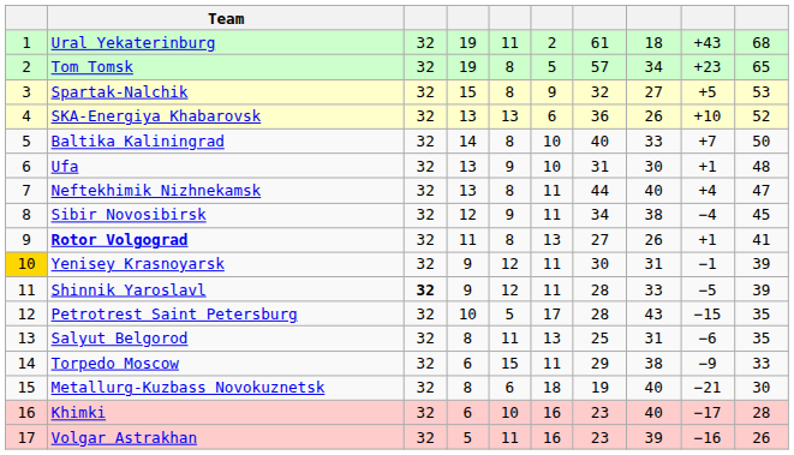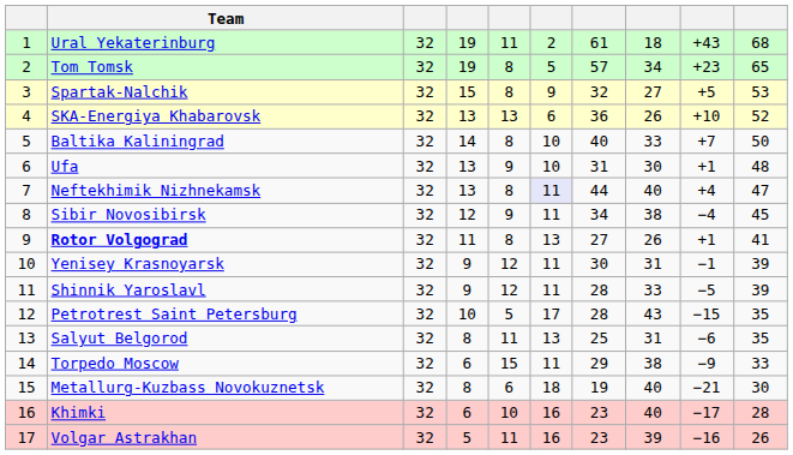 <table class="wikitable" style="text-align:center">
 <tr>
 <th width=30></th>
 <th width=300>Team</th>
 <th width=30></th>
 <th width=30></th>
 <th width=30></th>
 <th width=30></th>
 <th width=40></th>
 <th width=40></th>
 <th width=40></th>
 <th width=40></th>
 </tr>
 <tr bgcolor=CCFFCC>
 <td>1</td>
 <td align=left><a href='#'>Ural Yekaterinburg</a></td>
 <td>32</td>
 <td>19</td>
 <td>11</td>
 <td>2</td>
 <td>61</td>
 <td>18</td>
 <td>+43</td>
 <td>68</td>
 </tr>
 <tr bgcolor=CCFFCC>
 <td>2</td>
 <td align=left><a href='#'>Tom Tomsk</a></td>
 <td>32</td>
 <td>19</td>
 <td>8</td>
 <td>5</td>
 <td>57</td>
 <td>34</td>
 <td>+23</td>
 <td>65</td>
 </tr>
 <tr bgcolor=FFFFCC>
 <td>3</td>
 <td align=left><a href='#'>Spartak-Nalchik</a></td>
 <td>32</td>
 <td>15</td>
 <td>8</td>
 <td>9</td>
 <td>32</td>
 <td>27</td>
 <td>+5</td>
 <td>53</td>
 </tr>
 <tr bgcolor=FFFFCC>
 <td>4</td>
 <td align=left><a href='#'>SKA-Energiya Khabarovsk</a></td>
 <td>32</td>
 <td>13</td>
 <td>13</td>
 <td>6</td>
 <td>36</td>
 <td>26</td>
 <td>+10</td>
 <td>52</td>
 </tr>
 <tr>
 <td>5</td>
 <td align=left><a href='#'>Baltika Kaliningrad</a></td>
 <td>32</td>
 <td>14</td>
 <td>8</td>
 <td>10</td>
 <td>40</td>
 <td>33</td>
 <td>+7</td>
 <td>50</td>
 </tr>
 <tr>
 <td>6</td>
 <td align=left><a href='#'>Ufa</a></td>
 <td>32</td>
 <td>13</td>
 <td>9</td>
 <td>10</td>
 <td>31</td>
 <td>30</td>
 <td>+1</td>
 <td>48</td>
 </tr>
 <tr>
 <td>7</td>
 <td align=left><a href='#'>Neftekhimik Nizhnekamsk</a></td>
 <td>32</td>
 <td>13</td>
 <td>8</td>
-<td>11</td>
+<td style="background: lavender;">11</td>
 <td>44</td>
 <td>40</td>
 <td>+4</td>
 <td>47</td>
 </tr>
 <tr>
 <td>8</td>
 <td align=left><a href='#'>Sibir Novosibirsk</a></td>
 <td>32</td>
 <td>12</td>
 <td>9</td>
 <td>11</td>
 <td>34</td>
 <td>38</td>
 <td>−4</td>
 <td>45</td>
 </tr>
 <tr>
 <td>9</td>
 <td align=left><strong><a href='#'>Rotor Volgograd</a></strong></td>
 <td>32</td>
 <td>11</td>
 <td>8</td>
 <td>13</td>
 <td>27</td>
 <td>26</td>
 <td>+1</td>
 <td>41</td>
 </tr>
 <tr>
-<td style="background: gold;">10</td>
+<td>10</td>
 <td align=left><a href='#'>Yenisey Krasnoyarsk</a></td>
 <td>32</td>
 <td>9</td>
 <td>12</td>
 <td>11</td>
 <td>30</td>
 <td>31</td>
 <td>−1</td>
 <td>39</td>
 </tr>
 <tr>
 <td>11</td>
 <td align=left><a href='#'>Shinnik Yaroslavl</a></td>
-<td><strong>32</strong></td>
+<td>32</td>
 <td>9</td>
 <td>12</td>
 <td>11</td>
 <td>28</td>
 <td>33</td>
 <td>−5</td>
 <td>39</td>
 </tr>
 <tr>
 <td>12</td>
 <td align=left><a href='#'>Petrotrest Saint Petersburg</a></td>
 <td>32</td>
 <td>10</td>
 <td>5</td>
 <td>17</td>
 <td>28</td>
 <td>43</td>
 <td>−15</td>
 <td>35</td>
 </tr>
 <tr>
 <td>13</td>
 <td align=left><a href='#'>Salyut Belgorod</a></td>
 <td>32</td>
 <td>8</td>
 <td>11</td>
 <td>13</td>
 <td>25</td>
 <td>31</td>
 <td>−6</td>
 <td>35</td>
 </tr>
 <tr>
 <td>14</td>
 <td align=left><a href='#'>Torpedo Moscow</a></td>
 <td>32</td>
 <td>6</td>
 <td>15</td>
 <td>11</td>
 <td>29</td>
 <td>38</td>
 <td>−9</td>
 <td>33</td>
 </tr>
 <tr>
 <td>15</td>
 <td align=left><a href='#'>Metallurg-Kuzbass Novokuznetsk</a></td>
 <td>32</td>
 <td>8</td>
 <td>6</td>
 <td>18</td>
 <td>19</td>
 <td>40</td>
 <td>−21</td>
 <td>30</td>
 </tr>
 <tr bgcolor=FFCCCC>
 <td>16</td>
 <td align=left><a href='#'>Khimki</a></td>
 <td>32</td>
 <td>6</td>
 <td>10</td>
 <td>16</td>
 <td>23</td>
 <td>40</td>
 <td>−17</td>
 <td>28</td>
 </tr>
 <tr bgcolor=FFCCCC>
 <td>17</td>
 <td align=left><a href='#'>Volgar Astrakhan</a></td>
 <td>32</td>
 <td>5</td>
 <td>11</td>
 <td>16</td>
 <td>23</td>
 <td>39</td>
 <td>−16</td>
 <td>26</td>
 </tr>
 </table>
